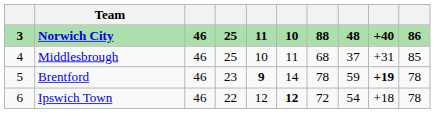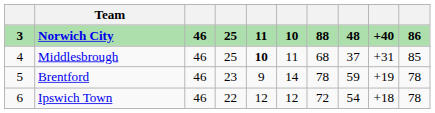 <table class="wikitable" style="text-align:center">
 <tr>
 <th width="30"></th>
 <th width="175">Team</th>
 <th width="30"></th>
 <th width="30"></th>
 <th width="30"></th>
 <th width="30"></th>
 <th width="30"></th>
 <th width="30"></th>
 <th width="30"></th>
 <th width="30"></th>
 </tr>
 <tr style="background:#ADDFAD;">
 <td><strong>3</strong></td>
 <td align=left><strong><a href='#'>Norwich City</a></strong></td>
 <td><strong>46</strong></td>
 <td><strong>25</strong></td>
 <td><strong>11</strong></td>
 <td><strong>10</strong></td>
 <td><strong>88</strong></td>
 <td><strong>48</strong></td>
 <td><strong>+40</strong></td>
 <td><strong>86</strong></td>
 </tr>
 <tr>
 <td>4</td>
 <td align=left><a href='#'>Middlesbrough</a></td>
 <td>46</td>
 <td>25</td>
-<td>10</td>
+<td><strong>10</strong></td>
 <td>11</td>
 <td>68</td>
 <td>37</td>
 <td>+31</td>
 <td>85</td>
 </tr>
 <tr>
 <td>5</td>
 <td align=left><a href='#'>Brentford</a></td>
 <td>46</td>
 <td>23</td>
-<td><strong>9</strong></td>
+<td>9</td>
 <td>14</td>
 <td>78</td>
 <td>59</td>
-<td><strong>+19</strong></td>
+<td>+19</td>
 <td>78</td>
 </tr>
 <tr>
 <td>6</td>
 <td align=left><a href='#'>Ipswich Town</a></td>
 <td>46</td>
 <td>22</td>
 <td>12</td>
-<td><strong>12</strong></td>
+<td>12</td>
 <td>72</td>
 <td>54</td>
 <td>+18</td>
 <td>78</td>
 </tr>
 </table>
